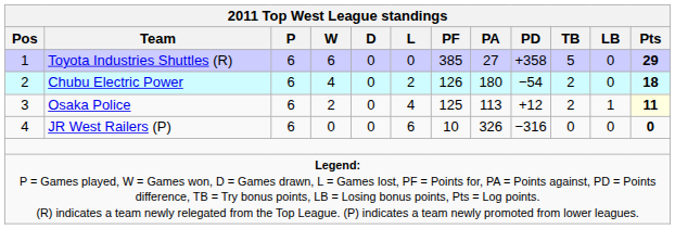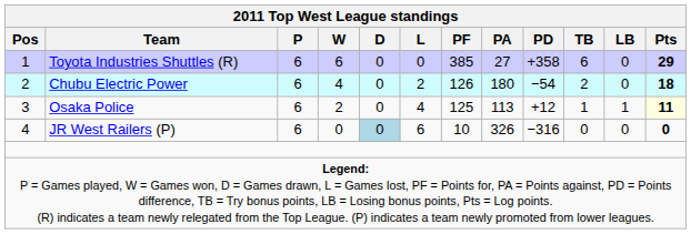 <table class="wikitable" style="text-align:center; font-size:100%; width:60%;">
 <tr>
 <th colspan="100%" cellpadding="0" cellspacing="0"><strong>2011 Top West League standings</strong></th>
 </tr>
 <tr>
 <th style="width:6%;">Pos</th>
 <th style="width:34%;">Team</th>
 <th style="width:6%;">P</th>
 <th style="width:6%;">W</th>
 <th style="width:6%;">D</th>
 <th style="width:6%;">L</th>
 <th style="width:6%;">PF</th>
 <th style="width:6%;">PA</th>
 <th style="width:6%;">PD</th>
 <th style="width:6%;">TB</th>
 <th style="width:6%;">LB</th>
 <th style="width:6%;">Pts<br></th>
 </tr>
 <tr style="background:#CCCCFF;">
 <td>1</td>
 <td style="text-align:left;"><a href='#'>Toyota Industries Shuttles</a> (R)</td>
 <td>6</td>
 <td>6</td>
 <td>0</td>
 <td>0</td>
 <td>385</td>
 <td>27</td>
 <td>+358</td>
-<td>5</td>
+<td>6</td>
 <td>0</td>
 <td><strong>29</strong></td>
 </tr>
 <tr style="background:#CFFCFF;">
 <td>2</td>
 <td style="text-align:left;"><a href='#'>Chubu Electric Power</a></td>
 <td>6</td>
 <td>4</td>
 <td>0</td>
 <td>2</td>
 <td>126</td>
 <td>180</td>
 <td>−54</td>
 <td>2</td>
 <td>0</td>
 <td><strong>18</strong></td>
 </tr>
 <tr>
 <td>3</td>
 <td style="text-align:left;"><a href='#'>Osaka Police</a></td>
 <td>6</td>
 <td>2</td>
 <td>0</td>
 <td>4</td>
 <td>125</td>
 <td>113</td>
 <td>+12</td>
-<td>2</td>
+<td>1</td>
 <td>1</td>
 <td style="background: lightyellow;"><strong>11</strong></td>
 </tr>
 <tr>
 <td>4</td>
 <td style="text-align:left;"><a href='#'>JR West Railers</a> (P)</td>
 <td>6</td>
 <td>0</td>
-<td>0</td>
+<td style="background: lightblue;">0</td>
 <td>6</td>
 <td>10</td>
 <td>326</td>
 <td>−316</td>
 <td>0</td>
 <td>0</td>
 <td><strong>0</strong></td>
 </tr>
 <tr>
 <td colspan="100%" style="height:10px;"></td>
 </tr>
 <tr>
 <td colspan="100%"><small><strong>Legend:</strong> <br> P = Games played, W = Games won, D = Games drawn, L = Games lost, PF = Points for, PA = Points against, PD = Points difference, TB = Try bonus points, LB = Losing bonus points, Pts = Log points. <br> (R) indicates a team newly relegated from the Top League. (P) indicates a team newly promoted from lower leagues.</small></td>
 </tr>
 </table>
